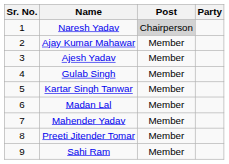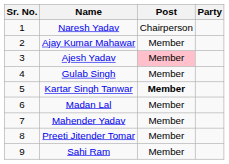 <table class="wikitable sortable">
 <tr>
 <th>Sr. No.</th>
 <th>Name</th>
 <th>Post</th>
 <th colspan="2">Party</th>
 </tr>
 <tr align="center">
 <td>1</td>
 <td><a href='#'>Naresh Yadav</a></td>
-<td style="background: lightgrey;">Chairperson</td>
+<td>Chairperson</td>
 <td></td>
 </tr>
 <tr align="center">
 <td>2</td>
 <td><a href='#'>Ajay Kumar Mahawar</a></td>
 <td>Member</td>
 <td></td>
 </tr>
 <tr align="center">
 <td>3</td>
 <td><a href='#'>Ajesh Yadav</a></td>
-<td>Member</td>
+<td style="background: pink;">Member</td>
 <td></td>
 </tr>
 <tr align="center">
 <td>4</td>
 <td><a href='#'>Gulab Singh</a></td>
 <td>Member</td>
 <td></td>
 </tr>
 <tr align="center">
 <td>5</td>
 <td><a href='#'>Kartar Singh Tanwar</a></td>
-<td>Member</td>
+<td><strong>Member</strong></td>
 <td></td>
 </tr>
 <tr align="center">
 <td>6</td>
 <td><a href='#'>Madan Lal</a></td>
 <td>Member</td>
 <td></td>
 </tr>
 <tr align="center">
 <td>7</td>
 <td><a href='#'>Mahender Yadav</a></td>
 <td>Member</td>
 <td></td>
 </tr>
 <tr align="center">
 <td>8</td>
 <td><a href='#'>Preeti Jitender Tomar</a></td>
 <td>Member</td>
 <td></td>
 </tr>
 <tr align="center">
 <td>9</td>
 <td><a href='#'>Sahi Ram</a></td>
 <td>Member</td>
 <td></td>
 </tr>
 </table>
